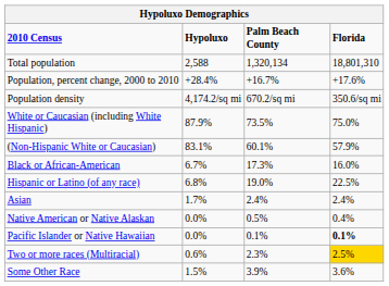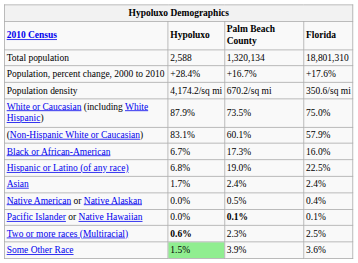 <table class="wikitable" style="float: left; margin-right: 2em; width: 35%; font-size: 75%;">
 <tr>
 <th colspan=4><strong>Hypoluxo Demographics</strong></th>
 </tr>
 <tr>
 <td><strong><a href='#'>2010 Census</a></strong></td>
 <td><strong>Hypoluxo</strong></td>
 <td><strong>Palm Beach County</strong></td>
 <td><strong>Florida</strong></td>
 </tr>
 <tr>
 <td>Total population</td>
 <td>2,588</td>
 <td>1,320,134</td>
 <td>18,801,310</td>
 </tr>
 <tr>
 <td>Population, percent change, 2000 to 2010</td>
 <td>+28.4%</td>
 <td>+16.7%</td>
 <td>+17.6%</td>
 </tr>
 <tr>
 <td>Population density</td>
 <td>4,174.2/sq mi</td>
 <td>670.2/sq mi</td>
 <td>350.6/sq mi</td>
 </tr>
 <tr>
 <td><a href='#'>White or Caucasian</a> (including <a href='#'>White Hispanic</a>)</td>
 <td>87.9%</td>
 <td>73.5%</td>
 <td>75.0%</td>
 </tr>
 <tr>
 <td>(<a href='#'>Non-Hispanic White or Caucasian</a>)</td>
 <td>83.1%</td>
 <td>60.1%</td>
 <td>57.9%</td>
 </tr>
 <tr>
 <td><a href='#'>Black or African-American</a></td>
 <td>6.7%</td>
 <td>17.3%</td>
 <td>16.0%</td>
 </tr>
 <tr>
 <td><a href='#'>Hispanic or Latino (of any race)</a></td>
 <td>6.8%</td>
 <td>19.0%</td>
 <td>22.5%</td>
 </tr>
 <tr>
 <td><a href='#'>Asian</a></td>
 <td>1.7%</td>
 <td>2.4%</td>
 <td>2.4%</td>
 </tr>
 <tr>
 <td><a href='#'>Native American</a> or <a href='#'>Native Alaskan</a></td>
 <td>0.0%</td>
 <td>0.5%</td>
 <td>0.4%</td>
 </tr>
 <tr>
 <td><a href='#'>Pacific Islander</a> or <a href='#'>Native Hawaiian</a></td>
 <td>0.0%</td>
+<td><strong>0.1%</strong></td>
 <td>0.1%</td>
-<td><strong>0.1%</strong></td>
 </tr>
 <tr>
 <td><a href='#'>Two or more races (Multiracial)</a></td>
-<td>0.6%</td>
+<td><strong>0.6%</strong></td>
 <td>2.3%</td>
-<td style="background: gold;">2.5%</td>
+<td>2.5%</td>
 </tr>
 <tr>
 <td><a href='#'>Some Other Race</a></td>
-<td>1.5%</td>
+<td style="background: lightgreen;">1.5%</td>
 <td>3.9%</td>
 <td>3.6%</td>
 </tr>
 </table>
